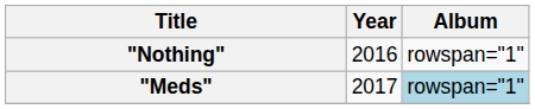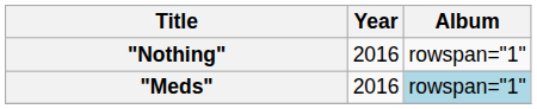 <table class="wikitable plainrowheaders" style="text-align:center;">
 <tr>
 <th scope="col" style="width:16em;">Title</th>
 <th scope="col">Year</th>
 <th scope="col">Album</th>
 </tr>
 <tr>
 <th scope="row">"Nothing"<br></th>
 <td rowspan="1">2016</td>
 <td>rowspan="1" </td>
 </tr>
 <tr>
 <th scope="row">"Meds"<br></th>
-<td rowspan="1">2017</td>
+<td rowspan="1">2016</td>
 <td style="background: lightblue;">rowspan="1" </td>
 </tr>
 <tr>
 </tr>
 </table>
